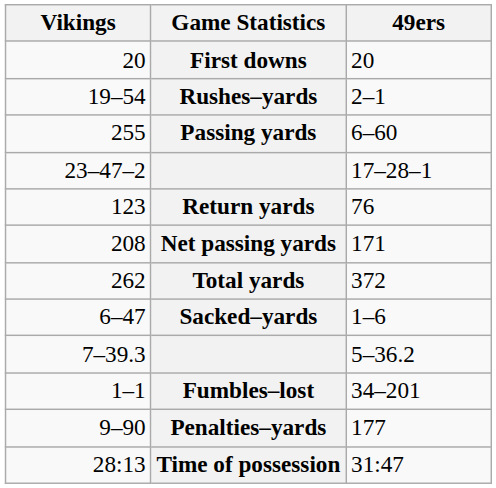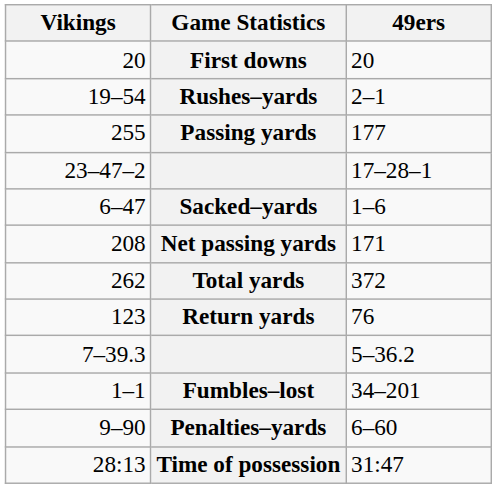 <table class="wikitable" style="margin: 1em auto 1em auto">
 <tr>
 <th style="width:30%;">Vikings</th>
 <th style="width:40%;">Game Statistics</th>
 <th style="width:30%;">49ers</th>
 </tr>
 <tr>
 <td style="text-align:right;">20</td>
 <th>First downs</th>
 <td>20</td>
 </tr>
 <tr>
 <td style="text-align:right;">19–54</td>
 <th>Rushes–yards</th>
 <td>2–1</td>
 </tr>
 <tr>
 <td style="text-align:right;">255</td>
 <th>Passing yards</th>
-<td>6–60</td>
+<td>177</td>
 </tr>
 <tr>
 <td style="text-align:right;">23–47–2</td>
 <th></th>
 <td>17–28–1</td>
 </tr>
 <tr>
-<td style="text-align:right;">123</td>
-<th>Return yards</th>
-<td>76</td>
+<td style="text-align:right;">6–47</td>
+<th>Sacked–yards</th>
+<td>1–6</td>
 </tr>
 <tr>
 <td style="text-align:right;">208</td>
 <th>Net passing yards</th>
 <td>171</td>
 </tr>
 <tr>
 <td style="text-align:right;">262</td>
 <th>Total yards</th>
 <td>372</td>
 </tr>
 <tr>
-<td style="text-align:right;">6–47</td>
-<th>Sacked–yards</th>
-<td>1–6</td>
+<td style="text-align:right;">123</td>
+<th>Return yards</th>
+<td>76</td>
 </tr>
 <tr>
 <td style="text-align:right;">7–39.3</td>
 <th></th>
 <td>5–36.2</td>
 </tr>
 <tr>
 <td style="text-align:right;">1–1</td>
 <th>Fumbles–lost</th>
 <td>34–201</td>
 </tr>
 <tr>
 <td style="text-align:right;">9–90</td>
 <th>Penalties–yards</th>
-<td>177</td>
+<td>6–60</td>
 </tr>
 <tr>
 <td style="text-align:right;">28:13</td>
 <th>Time of possession</th>
 <td>31:47</td>
 </tr>
 </table>
